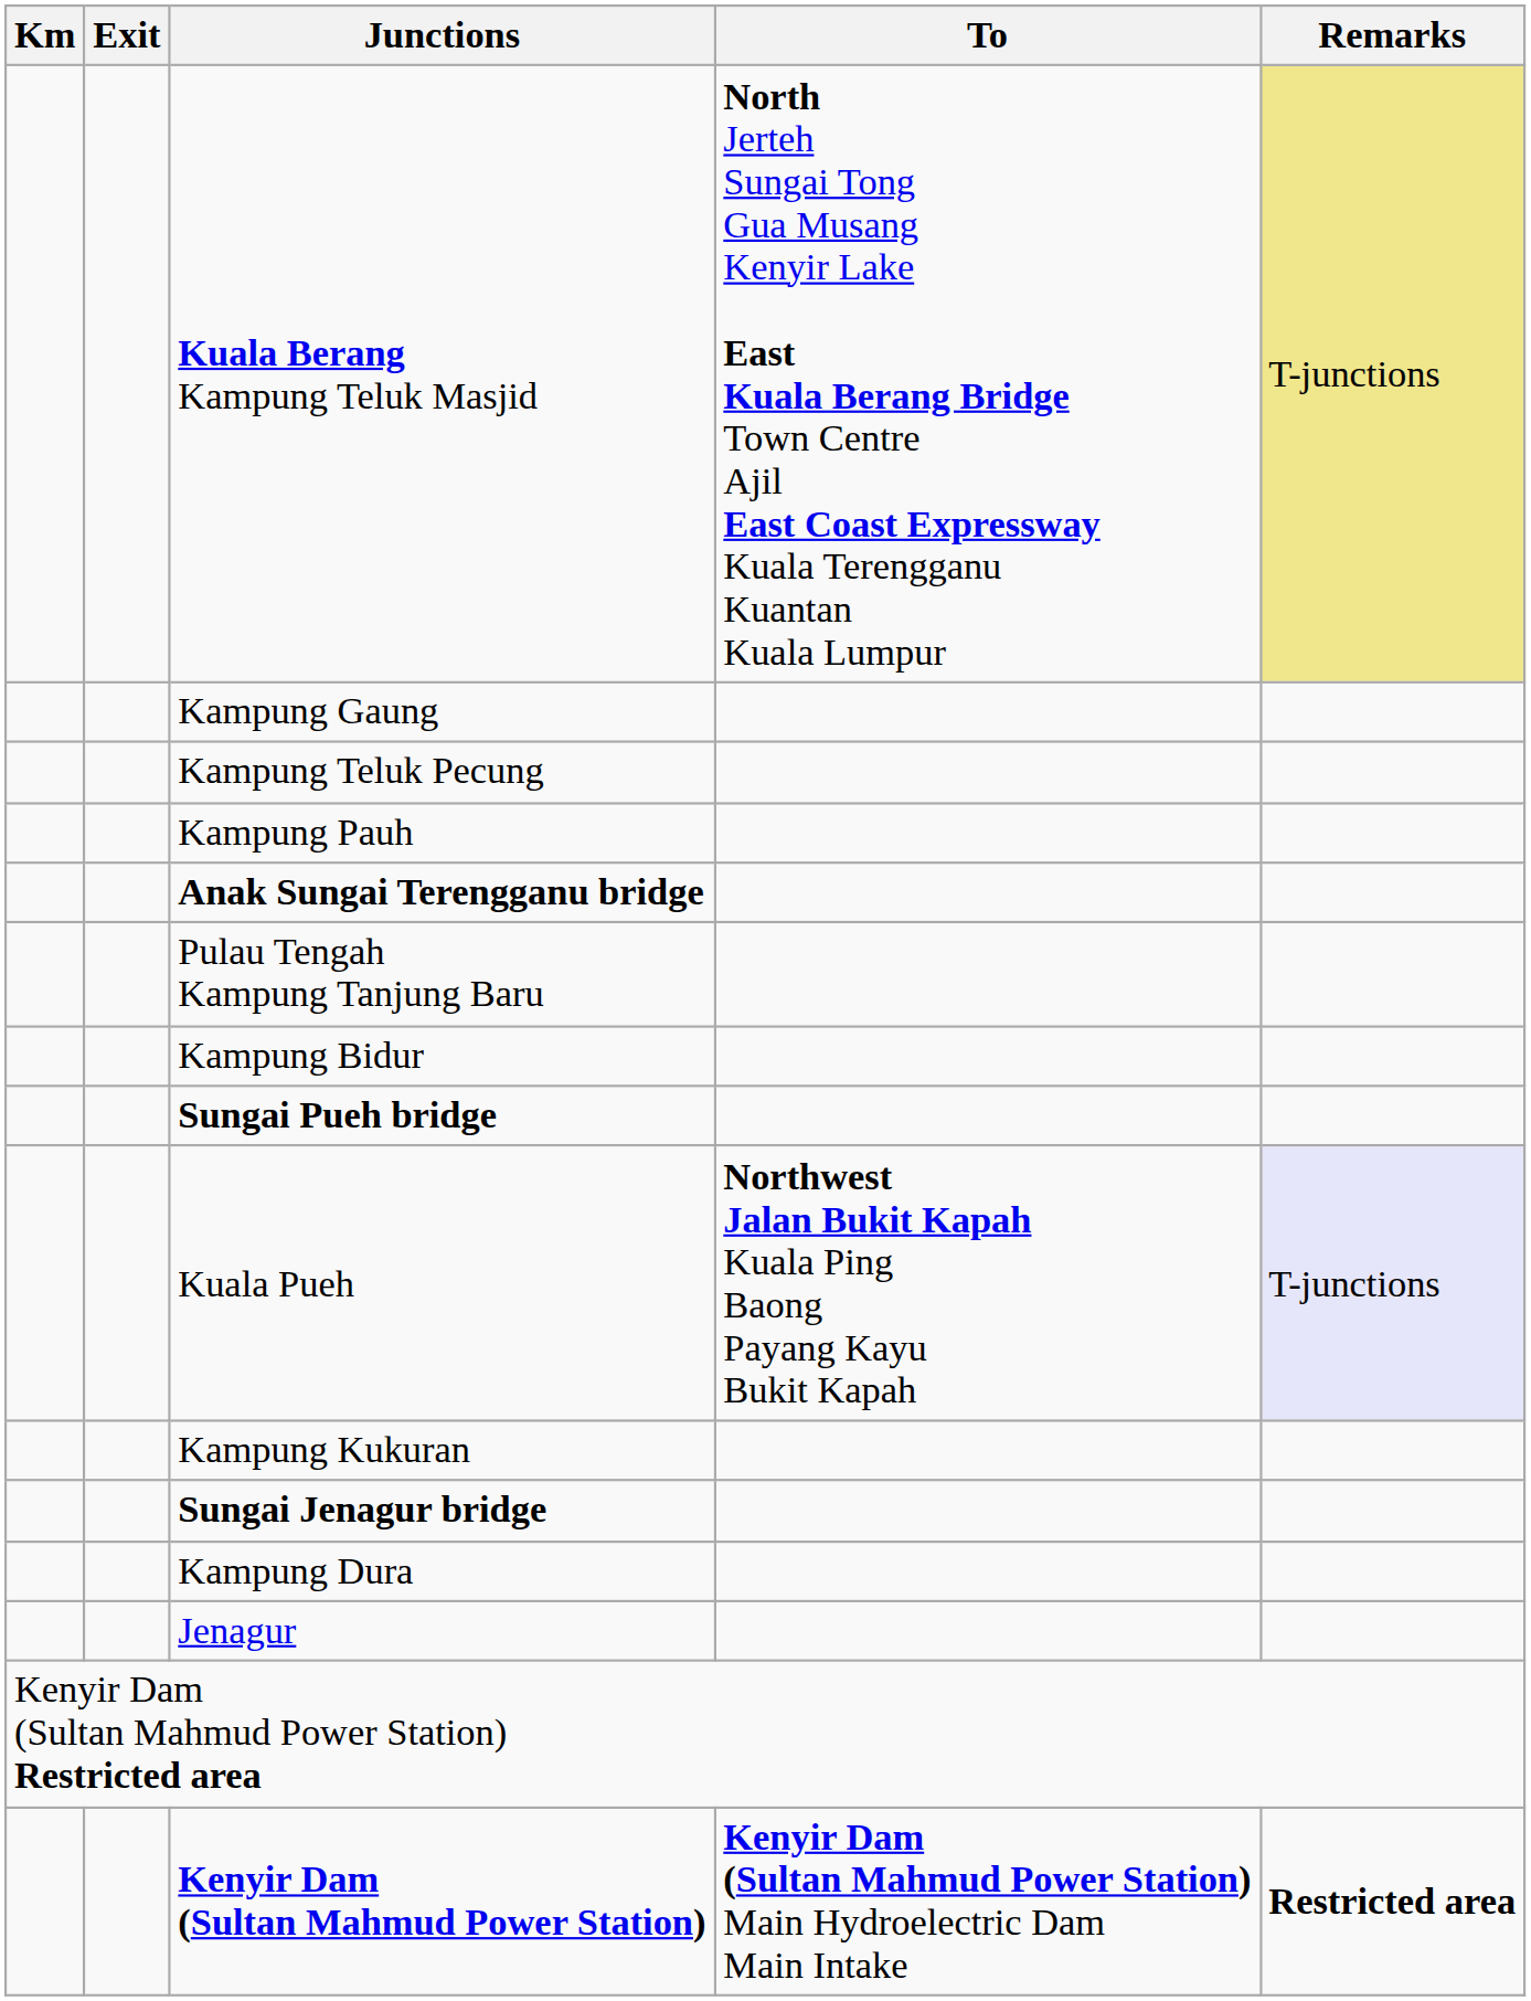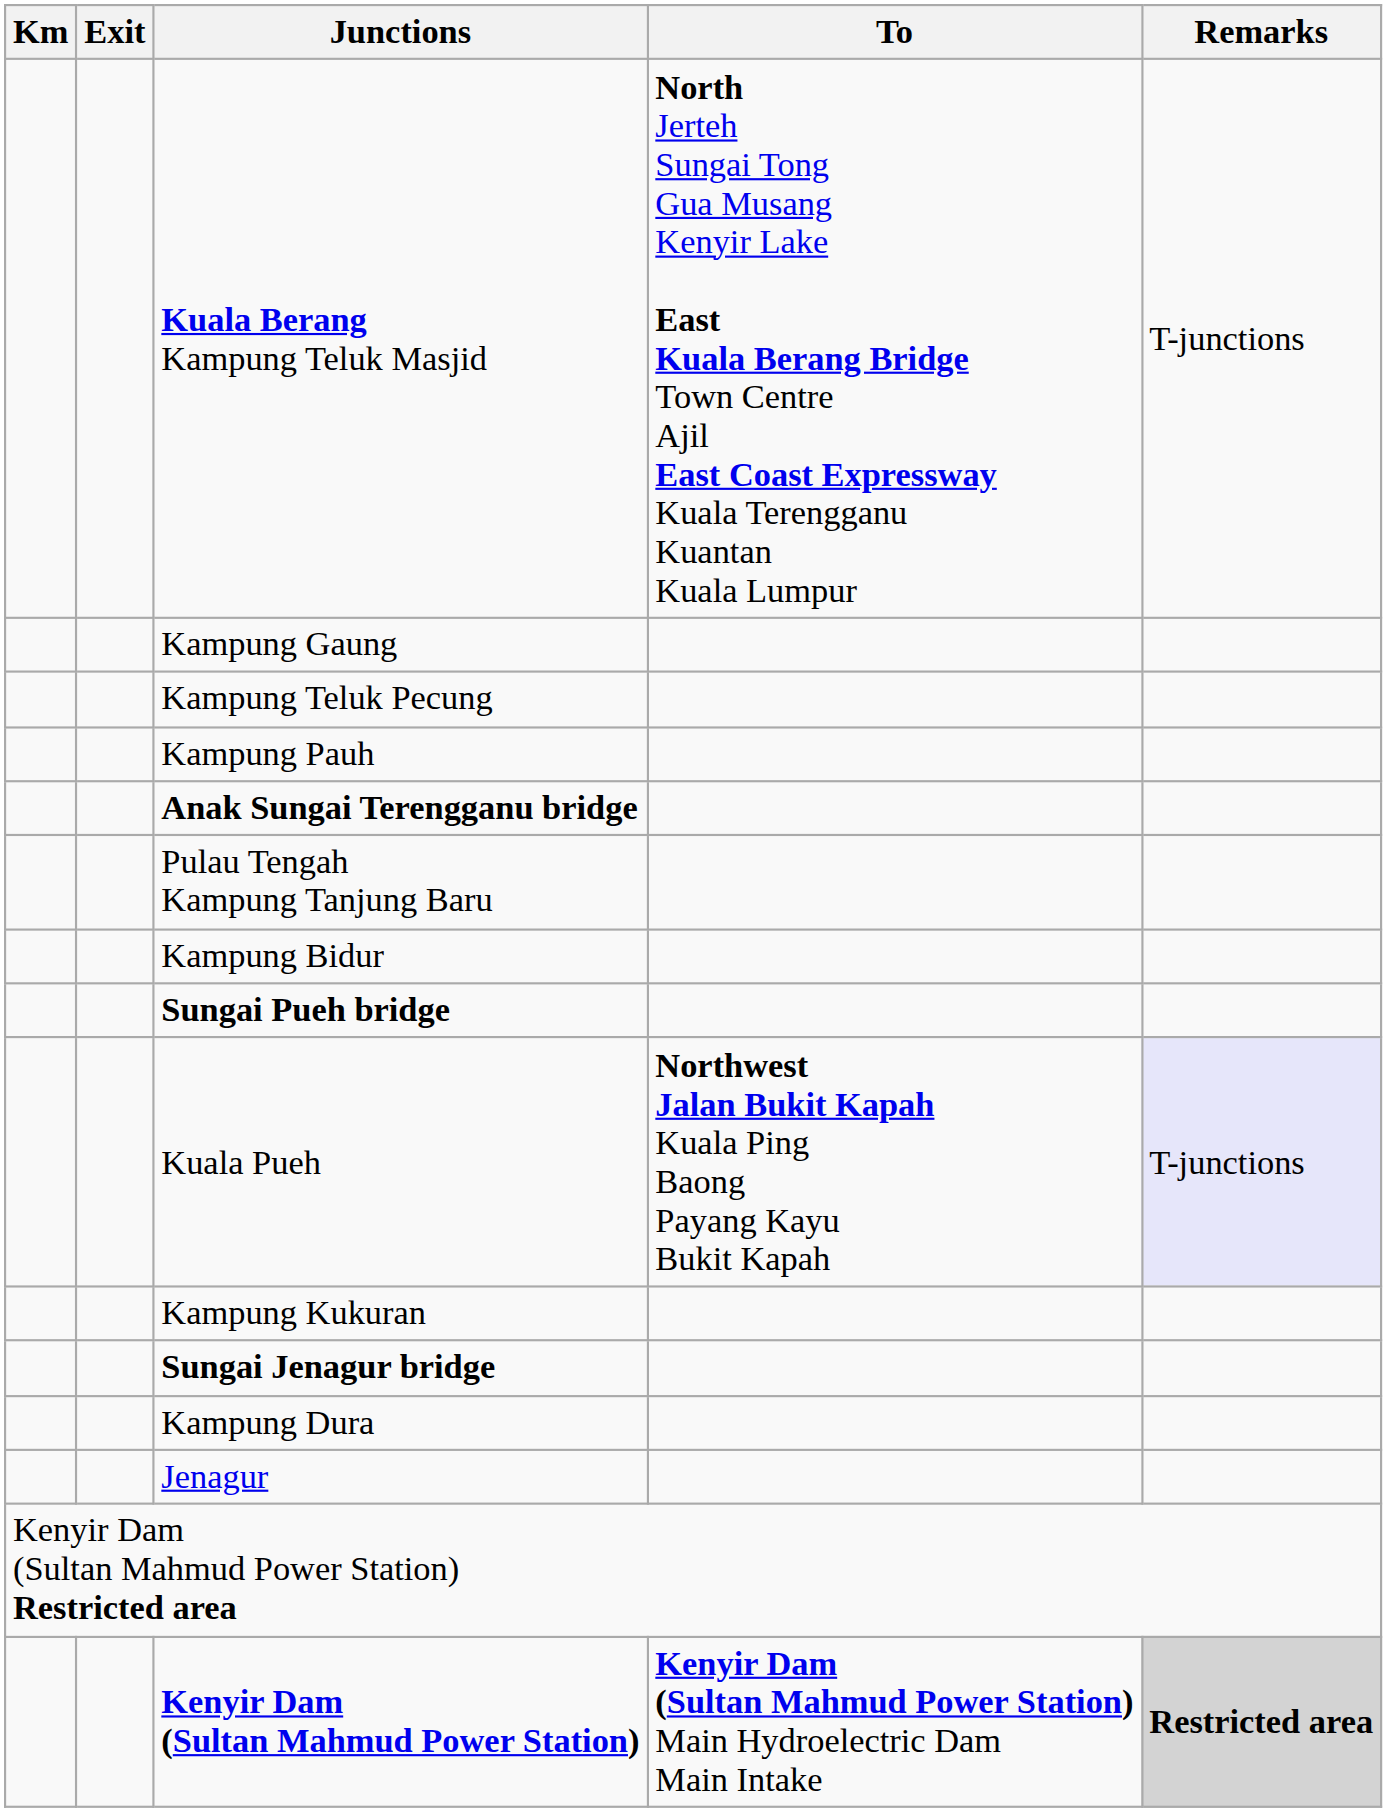 <table class="wikitable">
 <tr>
 <th>Km</th>
 <th>Exit</th>
 <th>Junctions</th>
 <th>To</th>
 <th>Remarks</th>
 </tr>
 <tr>
 <td></td>
 <td></td>
 <td><strong><a href='#'>Kuala Berang</a></strong><br>Kampung Teluk Masjid</td>
 <td><strong>North</strong><br> <a href='#'>Jerteh</a><br> <a href='#'>Sungai Tong</a><br> <a href='#'>Gua Musang</a><br> <a href='#'>Kenyir Lake</a><br><br><strong>East</strong><br> <strong><a href='#'>Kuala Berang Bridge</a></strong><br> Town Centre<br> Ajil<br> <strong><a href='#'>East Coast Expressway</a></strong><br>Kuala Terengganu<br>Kuantan<br>Kuala Lumpur</td>
-<td style="background: khaki;">T-junctions</td>
+<td>T-junctions</td>
 </tr>
 <tr>
 <td></td>
 <td></td>
 <td>Kampung Gaung</td>
 <td></td>
 <td></td>
 </tr>
 <tr>
 <td></td>
 <td></td>
 <td>Kampung Teluk Pecung</td>
 <td></td>
 <td></td>
 </tr>
 <tr>
 <td></td>
 <td></td>
 <td>Kampung Pauh</td>
 <td></td>
 <td></td>
 </tr>
 <tr>
 <td></td>
 <td></td>
 <td><strong>Anak Sungai Terengganu bridge</strong></td>
 <td></td>
 <td></td>
 </tr>
 <tr>
 <td></td>
 <td></td>
 <td>Pulau Tengah<br>Kampung Tanjung Baru</td>
 <td></td>
 <td></td>
 </tr>
 <tr>
 <td></td>
 <td></td>
 <td>Kampung Bidur</td>
 <td></td>
 <td></td>
 </tr>
 <tr>
 <td></td>
 <td></td>
 <td><strong>Sungai Pueh bridge</strong></td>
 <td></td>
 <td></td>
 </tr>
 <tr>
 <td></td>
 <td></td>
 <td>Kuala Pueh</td>
 <td><strong>Northwest</strong><br> <strong><a href='#'>Jalan Bukit Kapah</a></strong><br>Kuala Ping<br>Baong<br>Payang Kayu<br>Bukit Kapah</td>
 <td style="background: lavender;">T-junctions</td>
 </tr>
 <tr>
 <td></td>
 <td></td>
 <td>Kampung Kukuran</td>
 <td></td>
 <td></td>
 </tr>
 <tr>
 <td></td>
 <td></td>
 <td><strong>Sungai Jenagur bridge</strong></td>
 <td></td>
 <td></td>
 </tr>
 <tr>
 <td></td>
 <td></td>
 <td>Kampung Dura</td>
 <td></td>
 <td></td>
 </tr>
 <tr>
 <td></td>
 <td></td>
 <td><a href='#'>Jenagur</a></td>
 <td></td>
 <td></td>
 </tr>
 <tr>
 <td style="width:600px" colspan="6" style="text-align=center">Kenyir Dam<br>(Sultan Mahmud Power Station)<br><strong><span>Restricted area</span></strong></td>
 </tr>
 <tr>
 <td></td>
 <td></td>
 <td><strong><a href='#'>Kenyir Dam</a></strong><br><strong>(<a href='#'>Sultan Mahmud Power Station</a>)</strong></td>
 <td><strong><a href='#'>Kenyir Dam</a></strong><br><strong>(<a href='#'>Sultan Mahmud Power Station</a>)</strong><br>Main Hydroelectric Dam<br>Main Intake</td>
-<td><strong>Restricted area</strong></td>
+<td style="background: lightgrey;"><strong>Restricted area</strong></td>
 </tr>
 </table>
